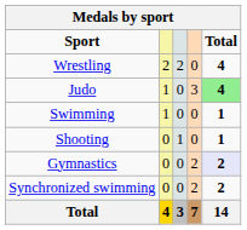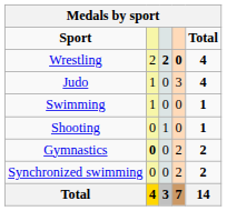 <table class=wikitable style="font-size:95%; float:right">
 <tr bgcolor=efefef>
 <th colspan=7><strong>Medals by sport</strong></th>
 </tr>
 <tr align=center>
 <td><strong>Sport</strong></td>
 <td bgcolor=f7f6a8></td>
 <td bgcolor=dce5e5></td>
 <td bgcolor=ffdab9></td>
 <td><strong>Total</strong></td>
 </tr>
 <tr align=center>
 <td><a href='#'>Wrestling</a></td>
 <td style="background:#F7F6A8;">2</td>
-<td style="background:#DCE5E5;">2</td>
-<td style="background:#FFDAB9;">0</td>
+<td style="background:#DCE5E5;"><strong>2</strong></td>
+<td style="background:#FFDAB9;"><strong>0</strong></td>
 <td><strong>4</strong></td>
 </tr>
 <tr align=center>
 <td><a href='#'>Judo</a></td>
 <td style="background:#F7F6A8;">1</td>
 <td style="background:#DCE5E5;">0</td>
 <td style="background:#FFDAB9;">3</td>
-<td style="background: lightgreen;"><strong>4</strong></td>
+<td><strong>4</strong></td>
 </tr>
 <tr align=center>
 <td><a href='#'>Swimming</a></td>
 <td style="background:#F7F6A8;">1</td>
 <td style="background:#DCE5E5;">0</td>
 <td style="background:#FFDAB9;">0</td>
 <td><strong>1</strong></td>
 </tr>
 <tr align=center>
 <td><a href='#'>Shooting</a></td>
 <td style="background:#F7F6A8;">0</td>
 <td style="background:#DCE5E5;">1</td>
 <td style="background:#FFDAB9;">0</td>
 <td><strong>1</strong></td>
 </tr>
 <tr align=center>
 <td><a href='#'>Gymnastics</a></td>
-<td style="background:#F7F6A8;">0</td>
+<td style="background:#F7F6A8;"><strong>0</strong></td>
 <td style="background:#DCE5E5;">0</td>
 <td style="background:#FFDAB9;">2</td>
-<td style="background: lavender;"><strong>2</strong></td>
+<td><strong>2</strong></td>
 </tr>
 <tr align=center>
 <td><a href='#'>Synchronized swimming</a></td>
 <td style="background:#F7F6A8;">0</td>
 <td style="background:#DCE5E5;">0</td>
 <td style="background:#FFDAB9;">2</td>
 <td><strong>2</strong></td>
 </tr>
 <tr align=center>
 <th>Total</th>
 <th style="background:gold">4</th>
 <th style="background:silver">3</th>
 <th style="background:#c96">7</th>
 <th>14</th>
 </tr>
 </table>
